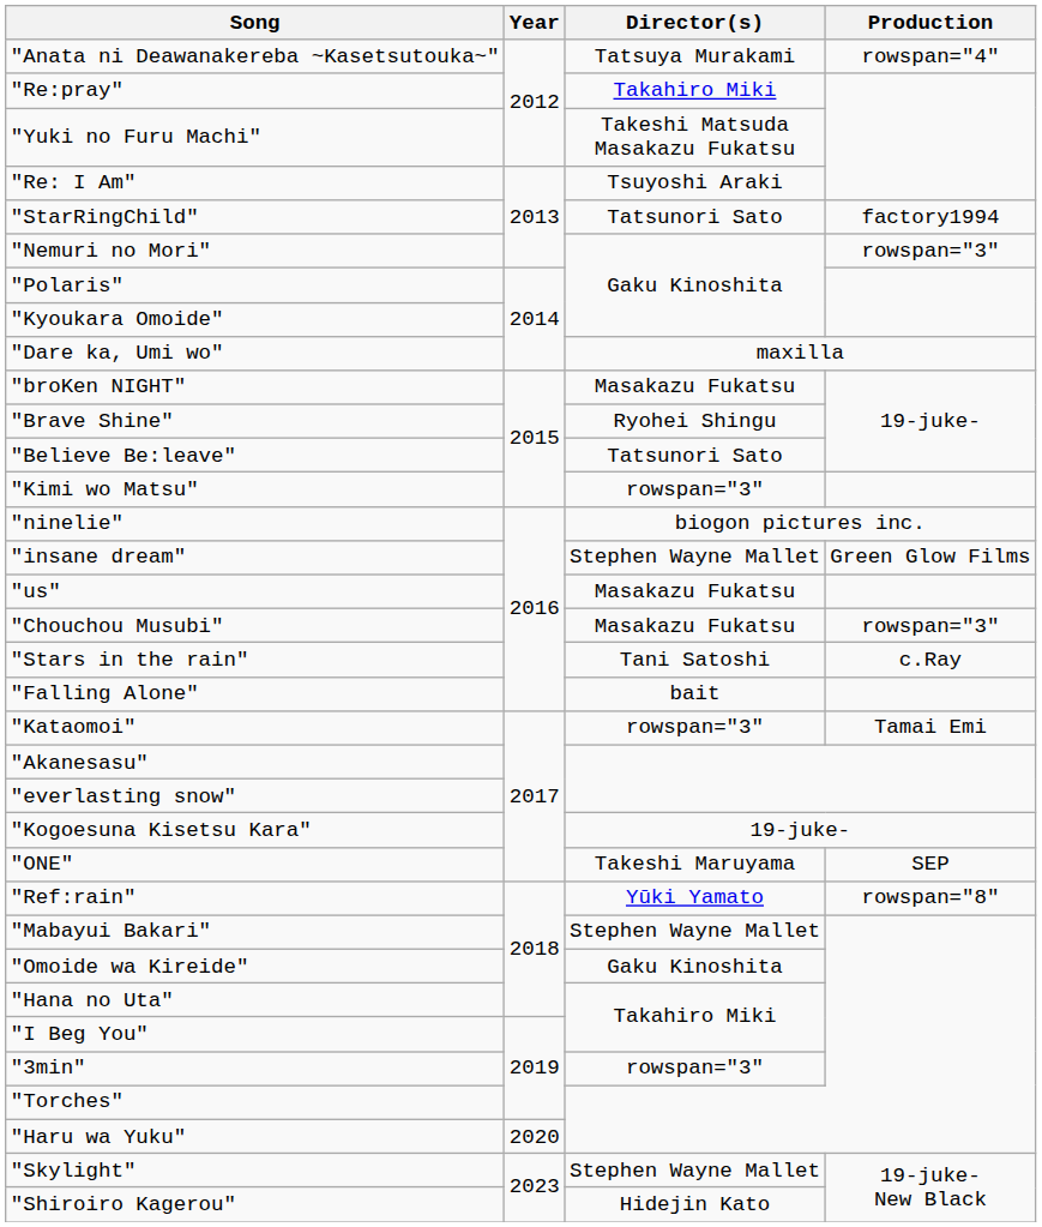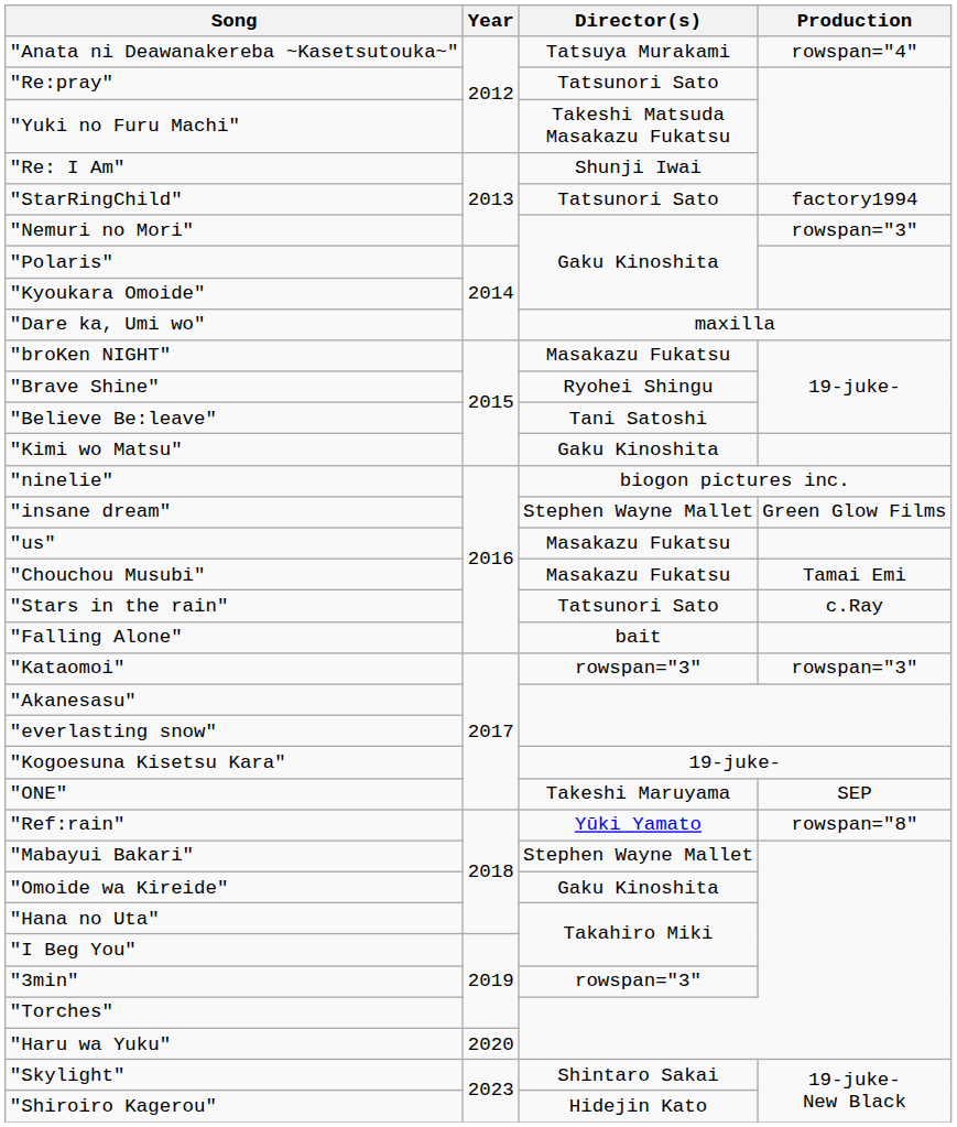 <table class="wikitable" style="text-align:center;">
 <tr>
 <th>Song</th>
 <th>Year</th>
 <th>Director(s)</th>
 <th>Production</th>
 </tr>
 <tr>
 <td align="left">"Anata ni Deawanakereba ~Kasetsutouka~"<br><small></small></td>
 <td rowspan="3">2012</td>
 <td>Tatsuya Murakami</td>
 <td>rowspan="4" </td>
 </tr>
 <tr>
 <td align="left">"Re:pray"</td>
-<td><a href='#'>Takahiro Miki</a></td>
+<td>Tatsunori Sato</td>
 </tr>
 <tr>
 <td align="left">"Yuki no Furu Machi" <small></small></td>
 <td>Takeshi Matsuda<br>Masakazu Fukatsu</td>
 </tr>
 <tr>
 <td align="left">"Re: I Am"</td>
 <td rowspan="3">2013</td>
-<td>Tsuyoshi Araki</td>
+<td>Shunji Iwai</td>
 </tr>
 <tr>
 <td align="left">"StarRingChild"</td>
 <td>Tatsunori Sato</td>
 <td>factory1994</td>
 </tr>
 <tr>
 <td align="left">"Nemuri no Mori" <small></small></td>
 <td rowspan="3">Gaku Kinoshita</td>
 <td>rowspan="3" </td>
 </tr>
 <tr>
 <td align="left">"Polaris" <small></small></td>
 <td rowspan="3">2014</td>
 </tr>
 <tr>
 <td align="left">"Kyoukara Omoide" <small></small></td>
 </tr>
 <tr>
 <td align="left">"Dare ka, Umi wo" <small></small></td>
 <td colspan="2">maxilla</td>
 </tr>
 <tr>
 <td align="left">"broKen NIGHT"</td>
 <td rowspan="4">2015</td>
 <td>Masakazu Fukatsu</td>
 <td rowspan="3">19-juke-</td>
 </tr>
 <tr>
 <td align="left">"Brave Shine"</td>
 <td>Ryohei Shingu</td>
 </tr>
 <tr>
 <td align="left">"Believe Be:leave" </td>
-<td>Tatsunori Sato</td>
+<td>Tani Satoshi</td>
 </tr>
 <tr>
 <td align="left">"Kimi wo Matsu" <small></small></td>
-<td>rowspan="3" </td>
+<td>Gaku Kinoshita</td>
 <td></td>
 </tr>
 <tr>
 <td align="left">"ninelie"</td>
 <td rowspan="6">2016</td>
 <td colspan="2">biogon pictures inc.</td>
 </tr>
 <tr>
 <td align="left">"insane dream"</td>
 <td>Stephen Wayne Mallet</td>
 <td>Green Glow Films</td>
 </tr>
 <tr>
 <td align="left">"us"</td>
 <td>Masakazu Fukatsu</td>
 <td></td>
 </tr>
 <tr>
 <td align="left">"Chouchou Musubi" <small></small></td>
 <td>Masakazu Fukatsu</td>
-<td>rowspan="3" </td>
+<td>Tamai Emi</td>
 </tr>
 <tr>
 <td align="left">"Stars in the rain"</td>
-<td>Tani Satoshi</td>
+<td>Tatsunori Sato</td>
 <td>c.Ray</td>
 </tr>
 <tr>
 <td align="left">"Falling Alone"</td>
 <td>bait</td>
 <td></td>
 </tr>
 <tr>
 <td align="left">"Kataomoi" <small></small></td>
 <td rowspan="5">2017</td>
 <td>rowspan="3" </td>
-<td>Tamai Emi</td>
+<td>rowspan="3" </td>
 </tr>
 <tr>
 <td align="left">"Akanesasu" <small></small></td>
 </tr>
 <tr>
 <td align="left">"everlasting snow"</td>
 </tr>
 <tr>
 <td align="left">"Kogoesuna Kisetsu Kara" <small></small></td>
 <td colspan="2">19-juke-</td>
 </tr>
 <tr>
 <td align="left">"ONE"</td>
 <td>Takeshi Maruyama</td>
 <td>SEP</td>
 </tr>
 <tr>
 <td align="left">"Ref:rain"</td>
 <td rowspan="4">2018</td>
 <td><a href='#'>Yūki Yamato</a></td>
 <td>rowspan="8" </td>
 </tr>
 <tr>
 <td align="left">"Mabayui Bakari"</td>
 <td>Stephen Wayne Mallet</td>
 </tr>
 <tr>
 <td align="left">"Omoide wa Kireide"</td>
 <td>Gaku Kinoshita</td>
 </tr>
 <tr>
 <td align="left">"Hana no Uta"</td>
 <td rowspan="2">Takahiro Miki</td>
 </tr>
 <tr>
 <td align="left">"I Beg You"</td>
 <td rowspan="3">2019</td>
 </tr>
 <tr>
 <td align="left">"3min"</td>
 <td>rowspan="3" </td>
 </tr>
 <tr>
 <td align="left">"Torches"</td>
 </tr>
 <tr>
 <td align="left">"Haru wa Yuku"</td>
 <td>2020</td>
 </tr>
 <tr>
 <td align="left">"Skylight"</td>
 <td rowspan="2">2023</td>
-<td>Stephen Wayne Mallet</td>
+<td>Shintaro Sakai</td>
 <td rowspan="2">19-juke-<br>New Black</td>
 </tr>
 <tr>
 <td align="left">"Shiroiro Kagerou"</td>
 <td>Hidejin Kato</td>
 </tr>
 </table>
